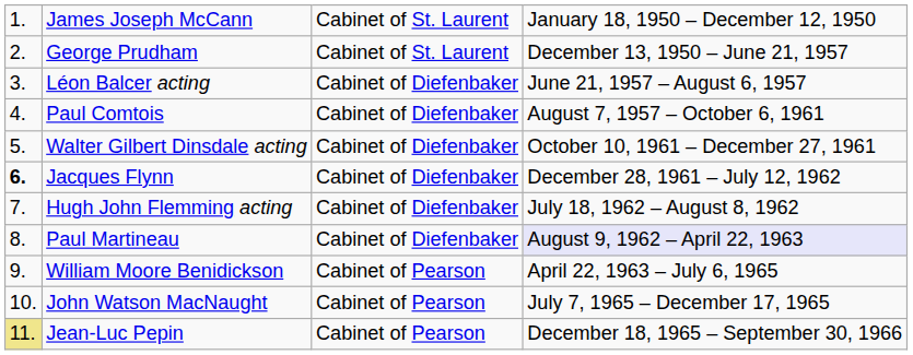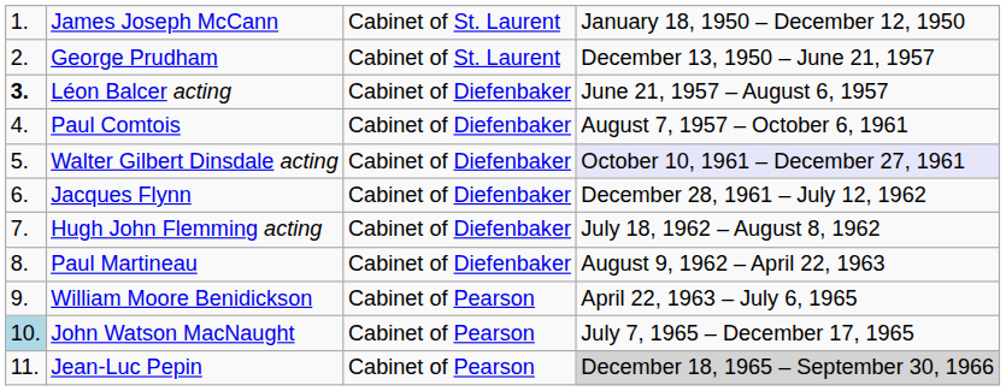 <table class="wikitable">
 <tr>
 <td>1.</td>
 <td><a href='#'>James Joseph McCann</a></td>
 <td>Cabinet of <a href='#'>St. Laurent</a></td>
 <td>January 18, 1950 – December 12, 1950</td>
 </tr>
 <tr>
 <td>2.</td>
 <td><a href='#'>George Prudham</a></td>
 <td>Cabinet of <a href='#'>St. Laurent</a></td>
 <td>December 13, 1950 – June 21, 1957</td>
 </tr>
 <tr>
-<td>3.</td>
+<td><strong>3.</strong></td>
 <td><a href='#'>Léon Balcer</a> <em>acting</em></td>
 <td>Cabinet of <a href='#'>Diefenbaker</a></td>
 <td>June 21, 1957 – August 6, 1957</td>
 </tr>
 <tr>
 <td>4.</td>
 <td><a href='#'>Paul Comtois</a></td>
 <td>Cabinet of <a href='#'>Diefenbaker</a></td>
 <td>August 7, 1957 – October 6, 1961</td>
 </tr>
 <tr>
 <td>5.</td>
 <td><a href='#'>Walter Gilbert Dinsdale</a> <em>acting</em></td>
 <td>Cabinet of <a href='#'>Diefenbaker</a></td>
-<td>October 10, 1961 – December 27, 1961</td>
+<td style="background: lavender;">October 10, 1961 – December 27, 1961</td>
 </tr>
 <tr>
-<td><strong>6.</strong></td>
+<td>6.</td>
 <td><a href='#'>Jacques Flynn</a></td>
 <td>Cabinet of <a href='#'>Diefenbaker</a></td>
 <td>December 28, 1961 – July 12, 1962</td>
 </tr>
 <tr>
 <td>7.</td>
 <td><a href='#'>Hugh John Flemming</a> <em>acting</em></td>
 <td>Cabinet of <a href='#'>Diefenbaker</a></td>
 <td>July 18, 1962 – August 8, 1962</td>
 </tr>
 <tr>
 <td>8.</td>
 <td><a href='#'>Paul Martineau</a></td>
 <td>Cabinet of <a href='#'>Diefenbaker</a></td>
-<td style="background: lavender;">August 9, 1962 – April 22, 1963</td>
+<td>August 9, 1962 – April 22, 1963</td>
 </tr>
 <tr>
 <td>9.</td>
 <td><a href='#'>William Moore Benidickson</a></td>
 <td>Cabinet of <a href='#'>Pearson</a></td>
 <td>April 22, 1963 – July 6, 1965</td>
 </tr>
 <tr>
-<td>10.</td>
+<td style="background: lightblue;">10.</td>
 <td><a href='#'>John Watson MacNaught</a></td>
 <td>Cabinet of <a href='#'>Pearson</a></td>
 <td>July 7, 1965 – December 17, 1965</td>
 </tr>
 <tr>
-<td style="background: khaki;">11.</td>
+<td>11.</td>
 <td><a href='#'>Jean-Luc Pepin</a></td>
 <td>Cabinet of <a href='#'>Pearson</a></td>
-<td>December 18, 1965 – September 30, 1966</td>
+<td style="background: lightgrey;">December 18, 1965 – September 30, 1966</td>
 </tr>
 </table>
